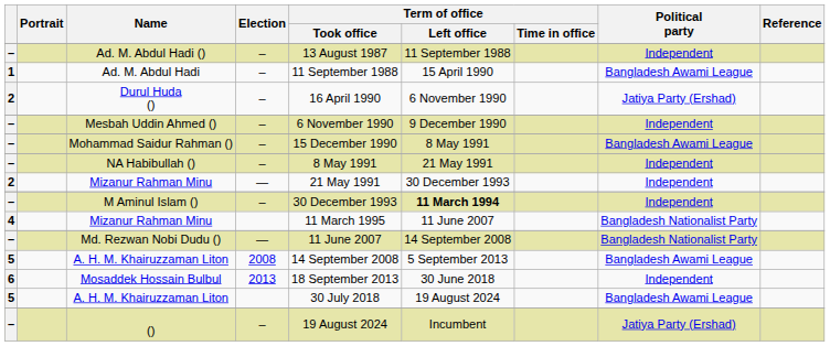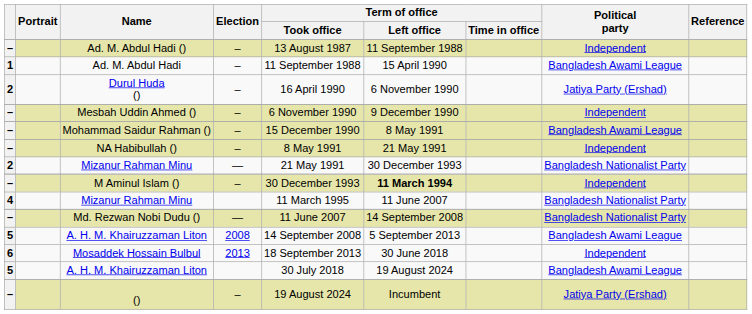 <table class="wikitable" style="text-align:center">
 <tr>
 <th rowspan="2"></th>
 <th rowspan="2">Portrait</th>
 <th rowspan="2">Name<br></th>
 <th rowspan="2">Election</th>
 <th colspan="3"><strong>Term of office</strong></th>
 <th rowspan="2"><strong>Political<br> party</strong></th>
 <th rowspan="2"><strong>Reference</strong></th>
 </tr>
 <tr>
 <th><strong>Took office</strong></th>
 <th><strong>Left office</strong></th>
 <th><strong>Time in office</strong></th>
 </tr>
 <tr>
 </tr>
 <tr style="background:#e6e6aa;">
 <th style="background:">–</th>
 <td align=center></td>
 <td>Ad. M. Abdul Hadi ()</td>
 <td>–</td>
 <td align=center>13 August 1987</td>
 <td align=center>11 September 1988</td>
 <td></td>
 <td><a href='#'>Independent</a></td>
 <td></td>
 </tr>
 <tr>
 <th style="background:">1</th>
 <td align=center></td>
 <td>Ad. M. Abdul Hadi</td>
 <td>–</td>
 <td align=center>11 September 1988</td>
 <td align=center>15 April 1990</td>
 <td></td>
 <td><a href='#'>Bangladesh Awami League</a></td>
 <td></td>
 </tr>
 <tr>
 <th style="background:">2</th>
 <td align=center></td>
 <td><a href='#'>Durul Huda</a><br>()</td>
 <td>–</td>
 <td align=center>16 April 1990</td>
 <td align=center>6 November 1990</td>
 <td></td>
 <td><a href='#'>Jatiya Party (Ershad)</a></td>
 <td></td>
 </tr>
 <tr>
 </tr>
 <tr style="background:#e6e6aa;">
 <th style="background:">–</th>
 <td align=center></td>
 <td>Mesbah Uddin Ahmed ()</td>
 <td>–</td>
 <td align=center>6 November 1990</td>
 <td align=center>9 December 1990</td>
 <td></td>
 <td><a href='#'>Independent</a></td>
 <td></td>
 </tr>
 <tr>
 </tr>
 <tr style="background:#e6e6aa;">
 <th style="background:">–</th>
 <td align=center></td>
 <td>Mohammad Saidur Rahman ()</td>
 <td>–</td>
 <td align=center>15 December 1990</td>
 <td align=center>8 May 1991</td>
 <td></td>
 <td><a href='#'>Bangladesh Awami League</a></td>
 <td></td>
 </tr>
 <tr>
 </tr>
 <tr style="background:#e6e6aa;">
 <th style="background:">–</th>
 <td align=center></td>
 <td>NA Habibullah ()</td>
 <td>–</td>
 <td align=center>8 May 1991</td>
 <td align=center>21 May 1991</td>
 <td></td>
 <td><a href='#'>Independent</a></td>
 <td></td>
 </tr>
 <tr>
 <th style="background:">2</th>
 <td align=center></td>
 <td><a href='#'>Mizanur Rahman Minu</a></td>
 <td>—</td>
 <td align=center>21 May 1991</td>
 <td align=center>30 December 1993</td>
 <td></td>
-<td><a href='#'>Independent</a></td>
+<td><a href='#'>Bangladesh Nationalist Party</a></td>
 <td></td>
 </tr>
 <tr>
 </tr>
 <tr style="background:#e6e6aa;">
 <th style="background:">–</th>
 <td align=center></td>
 <td>M Aminul Islam ()</td>
 <td>–</td>
 <td align=center>30 December 1993</td>
 <td align=center><strong>11 March 1994</strong></td>
 <td></td>
 <td><a href='#'>Independent</a></td>
 <td></td>
 </tr>
 <tr>
 <th style="background:">4</th>
 <td align=center></td>
 <td><a href='#'>Mizanur Rahman Minu</a></td>
 <td></td>
 <td align=center>11 March 1995</td>
 <td align=center>11 June 2007</td>
 <td></td>
 <td><a href='#'>Bangladesh Nationalist Party</a></td>
 <td></td>
 </tr>
 <tr>
 </tr>
 <tr style="background:#e6e6aa;">
 <th style="background:">–</th>
 <td align=center></td>
 <td>Md. Rezwan Nobi Dudu ()</td>
 <td>—</td>
 <td align=center>11 June 2007</td>
 <td align=center>14 September 2008</td>
 <td></td>
 <td><a href='#'>Bangladesh Nationalist Party</a></td>
 <td></td>
 </tr>
 <tr>
 <th style="background:">5</th>
 <td align=center></td>
 <td><a href='#'>A. H. M. Khairuzzaman Liton</a></td>
 <td><a href='#'>2008</a></td>
 <td align=center>14 September 2008</td>
 <td align=center>5 September 2013</td>
 <td></td>
 <td><a href='#'>Bangladesh Awami League</a></td>
 <td></td>
 </tr>
 <tr>
 <th style="background:">6</th>
 <td align=center></td>
 <td><a href='#'>Mosaddek Hossain Bulbul</a></td>
 <td><a href='#'>2013</a></td>
 <td align=center>18 September 2013</td>
 <td align=center>30 June 2018</td>
 <td></td>
 <td><a href='#'>Independent</a></td>
 <td></td>
 </tr>
 <tr>
 <th style="background:">5</th>
 <td align=center></td>
 <td><a href='#'>A. H. M. Khairuzzaman Liton</a></td>
 <td></td>
 <td align=center>30 July 2018</td>
 <td align=center>19 August 2024</td>
 <td></td>
 <td><a href='#'>Bangladesh Awami League</a></td>
 <td></td>
 </tr>
 <tr>
 </tr>
 <tr style="background:#e6e6aa;">
 <th style="background:">–</th>
 <td align=center></td>
 <td><br>()</td>
 <td>–</td>
 <td align=center>19 August 2024</td>
 <td align=center>Incumbent</td>
 <td></td>
 <td><a href='#'>Jatiya Party (Ershad)</a></td>
 <td></td>
 </tr>
 </table>
